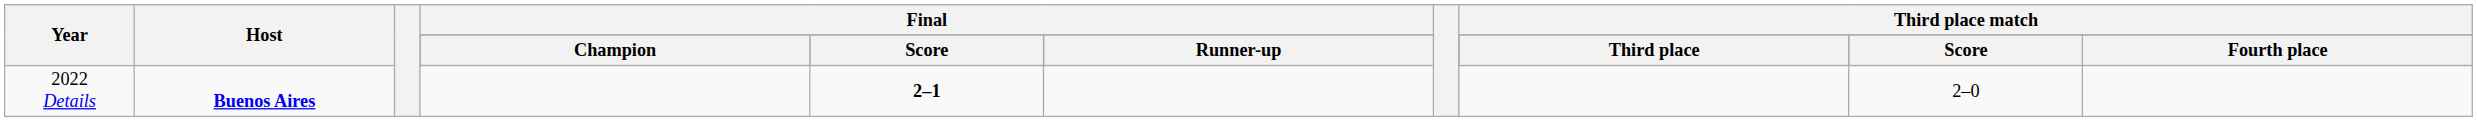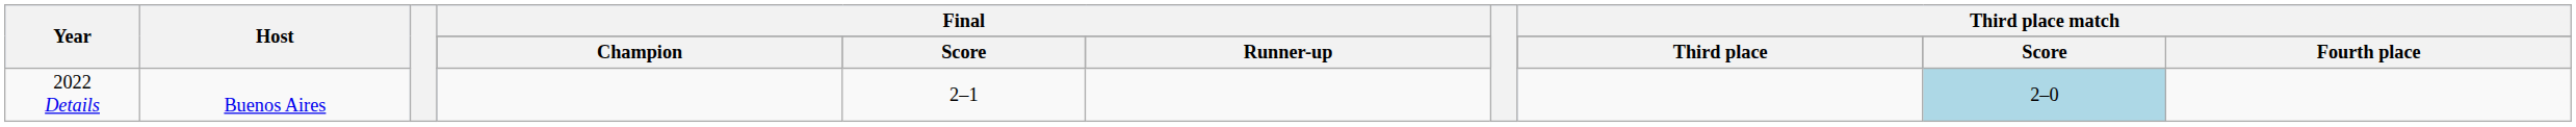 <table class="wikitable" style="font-size:90%; width: 98%; text-align: center;">
 <tr bgcolor=#C1D8FF>
 <th rowspan=2 width=5%>Year</th>
 <th rowspan=2 width=10%>Host</th>
 <th width=1% rowspan=100 bgcolor=ffffff></th>
 <th colspan=3>Final</th>
 <th width=1% rowspan=100 bgcolor=ffffff></th>
 <th colspan=3>Third place match</th>
 </tr>
 <tr bgcolor=FEF>
 <th width=15%>Champion</th>
 <th width=9%>Score</th>
 <th width=15%>Runner-up</th>
 <th width=15%>Third place</th>
 <th width=9%>Score</th>
 <th width=15%>Fourth place</th>
 </tr>
 <tr>
 <td>2022<br><em><a href='#'>Details</a></em></td>
-<td><strong><br><a href='#'>Buenos Aires</a></strong></td>
+<td><br><a href='#'>Buenos Aires</a></td>
 <td><strong></strong></td>
-<td><strong>2–1</strong></td>
+<td>2–1</td>
 <td></td>
 <td></td>
-<td>2–0</td>
+<td style="background: lightblue;">2–0</td>
 <td></td>
 </tr>
 </table>
